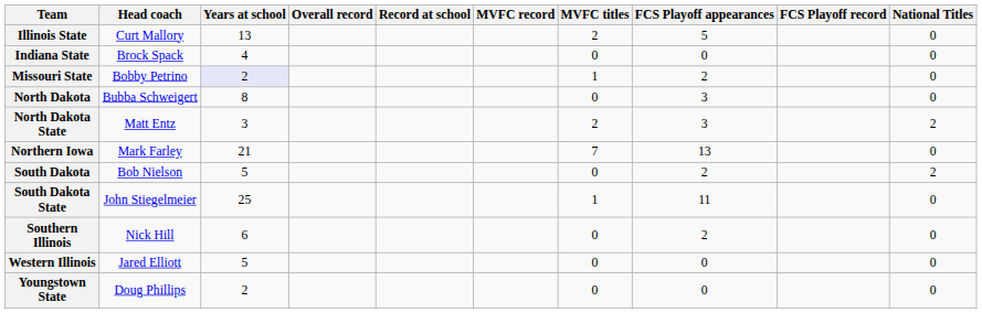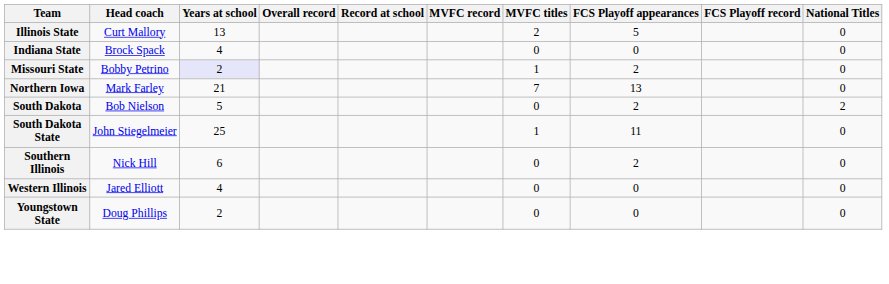 <table class="wikitable sortable" style="text-align: center;">
 <tr>
 <th width="110">Team</th>
 <th>Head coach</th>
 <th>Years at school</th>
 <th>Overall record</th>
 <th>Record at school</th>
 <th>MVFC record</th>
 <th>MVFC titles</th>
 <th>FCS Playoff appearances</th>
 <th>FCS Playoff record</th>
 <th>National Titles</th>
 </tr>
 <tr>
 <th>Illinois State</th>
 <td><a href='#'>Curt Mallory</a></td>
 <td>13</td>
 <td data-sort-value=></td>
 <td data-sort-value=></td>
 <td data-sort-value=></td>
 <td>2</td>
 <td>5</td>
 <td data-sort-value=></td>
 <td>0</td>
 </tr>
 <tr>
 <th>Indiana State</th>
 <td><a href='#'>Brock Spack</a></td>
 <td>4</td>
 <td data-sort-value=></td>
 <td data-sort-value=></td>
 <td data-sort-value=></td>
 <td>0</td>
 <td>0</td>
 <td data-sort-value=></td>
 <td>0</td>
 </tr>
 <tr>
 <th>Missouri State</th>
 <td><a href='#'>Bobby Petrino</a></td>
 <td style="background: lavender;">2</td>
 <td data-sort-value=></td>
 <td data-sort-value=></td>
 <td data-sort-value=></td>
 <td>1</td>
 <td>2</td>
 <td data-sort-value=></td>
 <td>0</td>
-</tr>
-<tr>
-<th>North Dakota</th>
-<td><a href='#'>Bubba Schweigert</a></td>
-<td>8</td>
-<td data-sort-value=></td>
-<td data-sort-value=></td>
-<td data-sort-value=></td>
-<td>0</td>
-<td>3</td>
-<td data-sort-value=></td>
-<td>0</td>
-</tr>
-<tr>
-<th>North Dakota State</th>
-<td><a href='#'>Matt Entz</a></td>
-<td>3</td>
-<td data-sort-value=></td>
-<td data-sort-value=></td>
-<td data-sort-value=></td>
-<td>2</td>
-<td>3</td>
-<td data-sort-value=></td>
-<td>2</td>
 </tr>
 <tr>
 <th>Northern Iowa</th>
 <td><a href='#'>Mark Farley</a></td>
 <td>21</td>
 <td data-sort-value=></td>
 <td data-sort-value=></td>
 <td data-sort-value=></td>
 <td>7</td>
 <td>13</td>
 <td data-sort-value=></td>
 <td>0</td>
 </tr>
 <tr>
 <th>South Dakota</th>
 <td><a href='#'>Bob Nielson</a></td>
 <td>5</td>
 <td data-sort-value=></td>
 <td data-sort-value=></td>
 <td data-sort-value=></td>
 <td>0</td>
 <td>2</td>
 <td data-sort-value=></td>
 <td>2</td>
 </tr>
 <tr>
 <th>South Dakota State</th>
 <td><a href='#'>John Stiegelmeier</a></td>
 <td>25</td>
 <td data-sort-value=></td>
 <td data-sort-value=></td>
 <td data-sort-value=></td>
 <td>1</td>
 <td>11</td>
 <td data-sort-value=></td>
 <td>0</td>
 </tr>
 <tr>
 <th>Southern Illinois</th>
 <td><a href='#'>Nick Hill</a></td>
 <td>6</td>
 <td data-sort-value=></td>
 <td data-sort-value=></td>
 <td data-sort-value=></td>
 <td>0</td>
 <td>2</td>
 <td data-sort-value=></td>
 <td>0</td>
 </tr>
 <tr>
 <th>Western Illinois</th>
 <td><a href='#'>Jared Elliott</a></td>
-<td>5</td>
+<td>4</td>
 <td data-sort-value=></td>
 <td data-sort-value=></td>
 <td data-sort-value=></td>
 <td>0</td>
 <td>0</td>
 <td data-sort-value=></td>
 <td>0</td>
 </tr>
 <tr>
 <th>Youngstown State</th>
 <td><a href='#'>Doug Phillips</a></td>
 <td>2</td>
 <td data-sort-value=></td>
 <td data-sort-value=></td>
 <td data-sort-value=></td>
 <td>0</td>
 <td>0</td>
 <td data-sort-value=></td>
 <td>0</td>
 </tr>
 </table>
